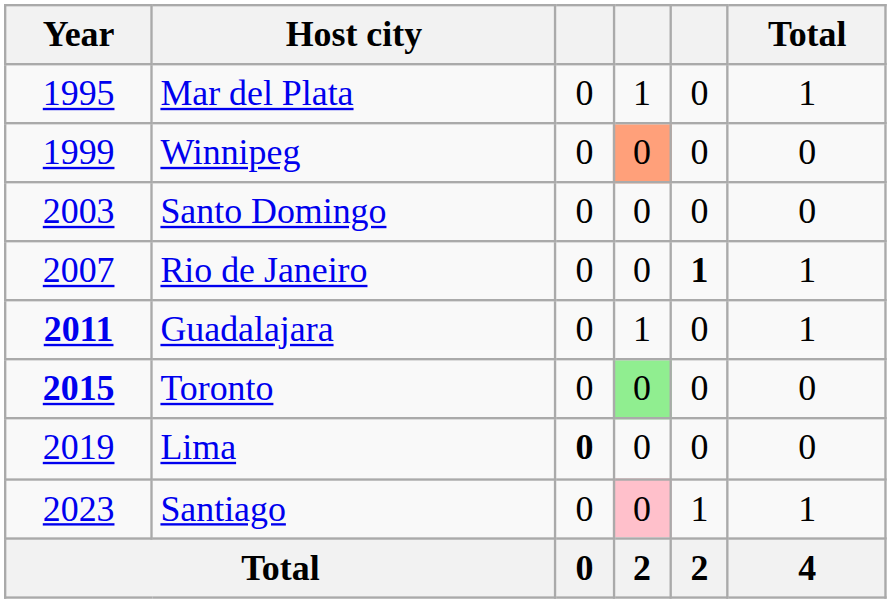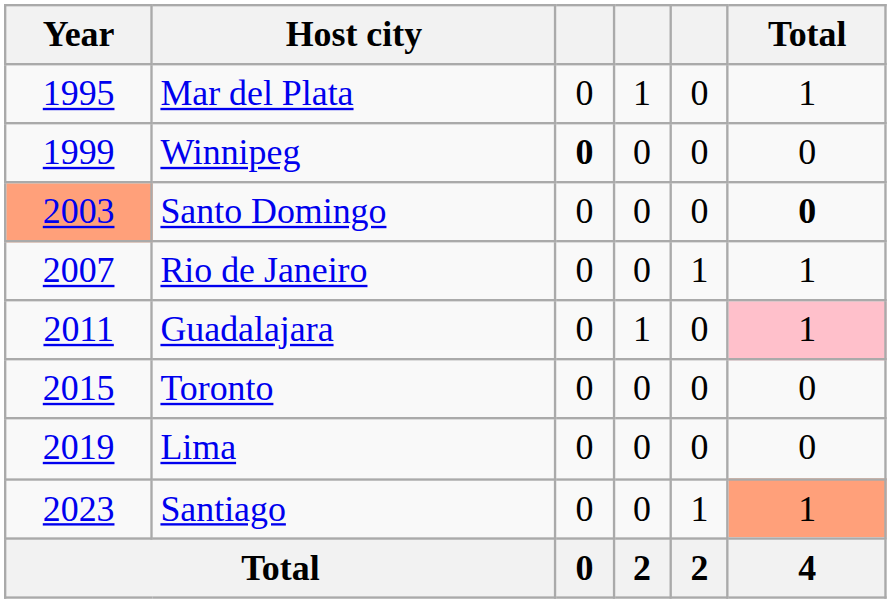 <table class="wikitable sortable" style=" text-align:center; font-size:95%;" width="60%">
 <tr>
 <th>Year</th>
 <th>Host city</th>
 <th></th>
 <th></th>
 <th></th>
 <th>Total</th>
 </tr>
 <tr>
 <td><a href='#'>1995</a></td>
 <td align=left> <a href='#'>Mar del Plata</a></td>
 <td>0</td>
 <td>1</td>
 <td>0</td>
 <td>1</td>
 </tr>
 <tr>
 <td><a href='#'>1999</a></td>
 <td align=left> <a href='#'>Winnipeg</a></td>
+<td><strong>0</strong></td>
 <td>0</td>
-<td style="background: lightsalmon;">0</td>
 <td>0</td>
 <td>0</td>
 </tr>
 <tr>
-<td><a href='#'>2003</a></td>
+<td style="background: lightsalmon;"><a href='#'>2003</a></td>
 <td align=left> <a href='#'>Santo Domingo</a></td>
+<td>0</td>
+<td>0</td>
+<td>0</td>
+<td><strong>0</strong></td>
+</tr>
+<tr>
+<td><a href='#'>2007</a></td>
+<td align=left> <a href='#'>Rio de Janeiro</a></td>
+<td>0</td>
+<td>0</td>
+<td>1</td>
+<td>1</td>
+</tr>
+<tr>
+<td><a href='#'>2011</a></td>
+<td align=left> <a href='#'>Guadalajara</a></td>
+<td>0</td>
+<td>1</td>
+<td>0</td>
+<td style="background: pink;">1</td>
+</tr>
+<tr>
+<td><a href='#'>2015</a></td>
+<td align=left> <a href='#'>Toronto</a></td>
 <td>0</td>
 <td>0</td>
 <td>0</td>
 <td>0</td>
 </tr>
 <tr>
-<td><a href='#'>2007</a></td>
-<td align=left> <a href='#'>Rio de Janeiro</a></td>
-<td>0</td>
-<td>0</td>
-<td><strong>1</strong></td>
-<td>1</td>
-</tr>
-<tr>
-<td><strong><a href='#'>2011</a></strong></td>
-<td align=left> <a href='#'>Guadalajara</a></td>
-<td>0</td>
-<td>1</td>
-<td>0</td>
-<td>1</td>
-</tr>
-<tr>
-<td><strong><a href='#'>2015</a></strong></td>
-<td align=left> <a href='#'>Toronto</a></td>
-<td>0</td>
-<td style="background: lightgreen;">0</td>
-<td>0</td>
-<td>0</td>
-</tr>
-<tr>
 <td><a href='#'>2019</a></td>
 <td align=left> <a href='#'>Lima</a></td>
-<td><strong>0</strong></td>
+<td>0</td>
 <td>0</td>
 <td>0</td>
 <td>0</td>
 </tr>
 <tr>
 <td><a href='#'>2023</a></td>
 <td align=left> <a href='#'>Santiago</a></td>
 <td>0</td>
-<td style="background: pink;">0</td>
+<td>0</td>
 <td>1</td>
-<td>1</td>
+<td style="background: lightsalmon;">1</td>
 </tr>
 <tr>
 <th colspan="2">Total</th>
 <th>0</th>
 <th>2</th>
 <th>2</th>
 <th>4</th>
 </tr>
 </table>
